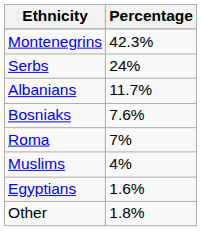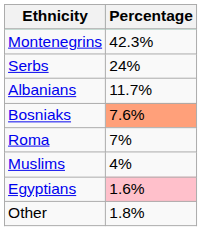 <table class="wikitable">
 <tr style="background:#009966;" colspan="2">
 <th>Ethnicity</th>
 <th>Percentage</th>
 </tr>
 <tr>
 <td><a href='#'>Montenegrins</a></td>
 <td>42.3%</td>
 </tr>
 <tr>
 <td><a href='#'>Serbs</a></td>
 <td>24%</td>
 </tr>
 <tr>
 <td><a href='#'>Albanians</a></td>
 <td>11.7%</td>
 </tr>
 <tr>
 <td><a href='#'>Bosniaks</a></td>
-<td>7.6%</td>
+<td style="background: lightsalmon;">7.6%</td>
 </tr>
 <tr>
 <td><a href='#'>Roma</a></td>
 <td>7%</td>
 </tr>
 <tr>
 <td><a href='#'>Muslims</a></td>
 <td>4%</td>
 </tr>
 <tr>
 <td><a href='#'>Egyptians</a></td>
-<td>1.6%</td>
+<td style="background: pink;">1.6%</td>
 </tr>
 <tr>
 <td>Other</td>
 <td>1.8%</td>
 </tr>
 </table>
